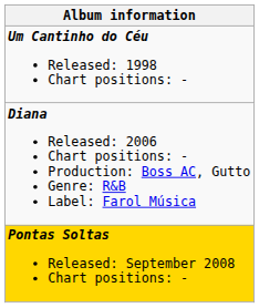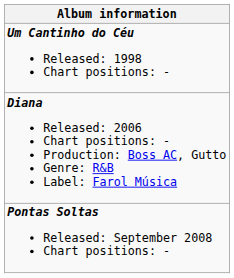 <table class="wikitable">
 <tr>
 <th align="left">Album information</th>
 </tr>
 <tr>
 <td align="left"><strong><em>Um Cantinho do Céu</em></strong><br><ul><li>Released: 1998</li><li>Chart positions: -</li></ul></td>
 </tr>
 <tr>
 <td align="left"><strong><em>Diana</em></strong><br><ul><li>Released:  2006</li><li>Chart positions: -</li><li>Production: <a href='#'>Boss AC</a>, Gutto</li><li>Genre: <a href='#'>R&B</a></li><li>Label: <a href='#'>Farol Música</a></li></ul></td>
 </tr>
 <tr>
-<td align="left" style="background: gold;"><strong><em>Pontas Soltas</em></strong><br><ul><li>Released: September 2008</li><li>Chart positions: -</li></ul></td>
+<td align="left"><strong><em>Pontas Soltas</em></strong><br><ul><li>Released: September 2008</li><li>Chart positions: -</li></ul></td>
 </tr>
 </table>
